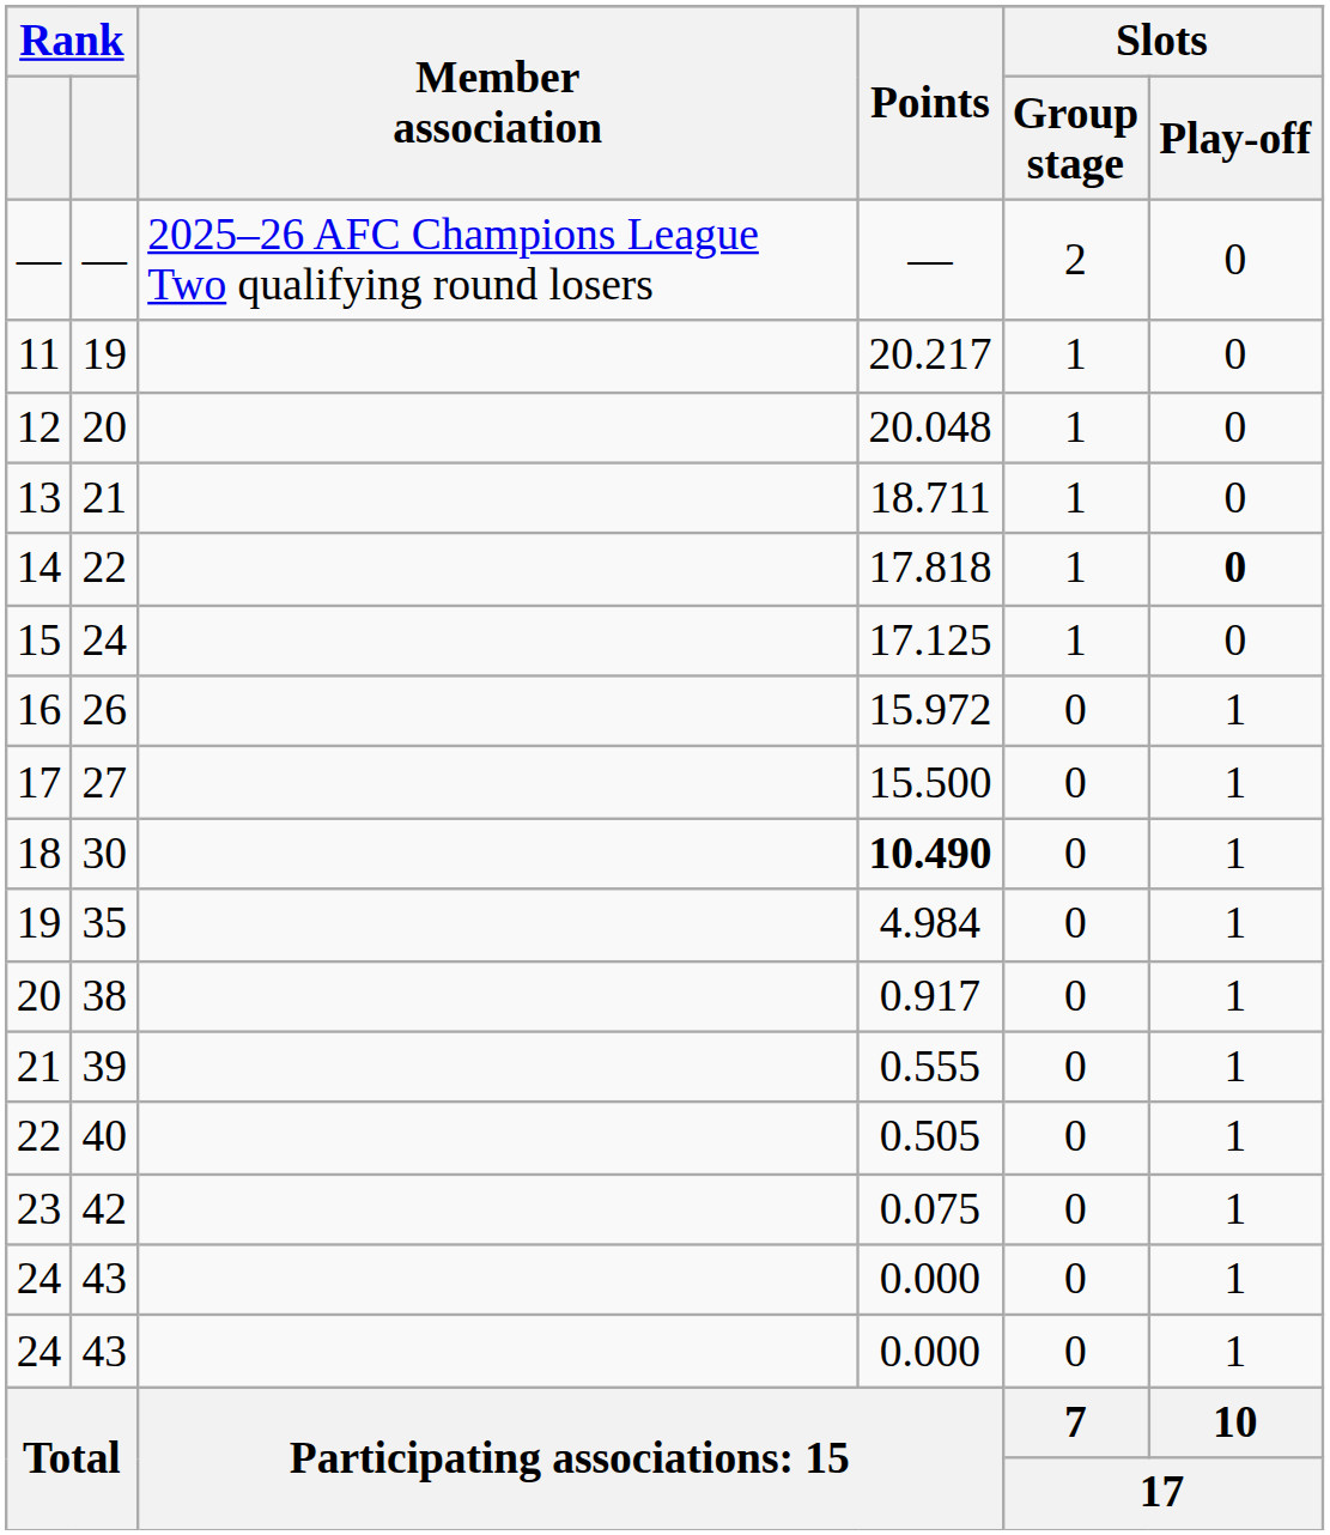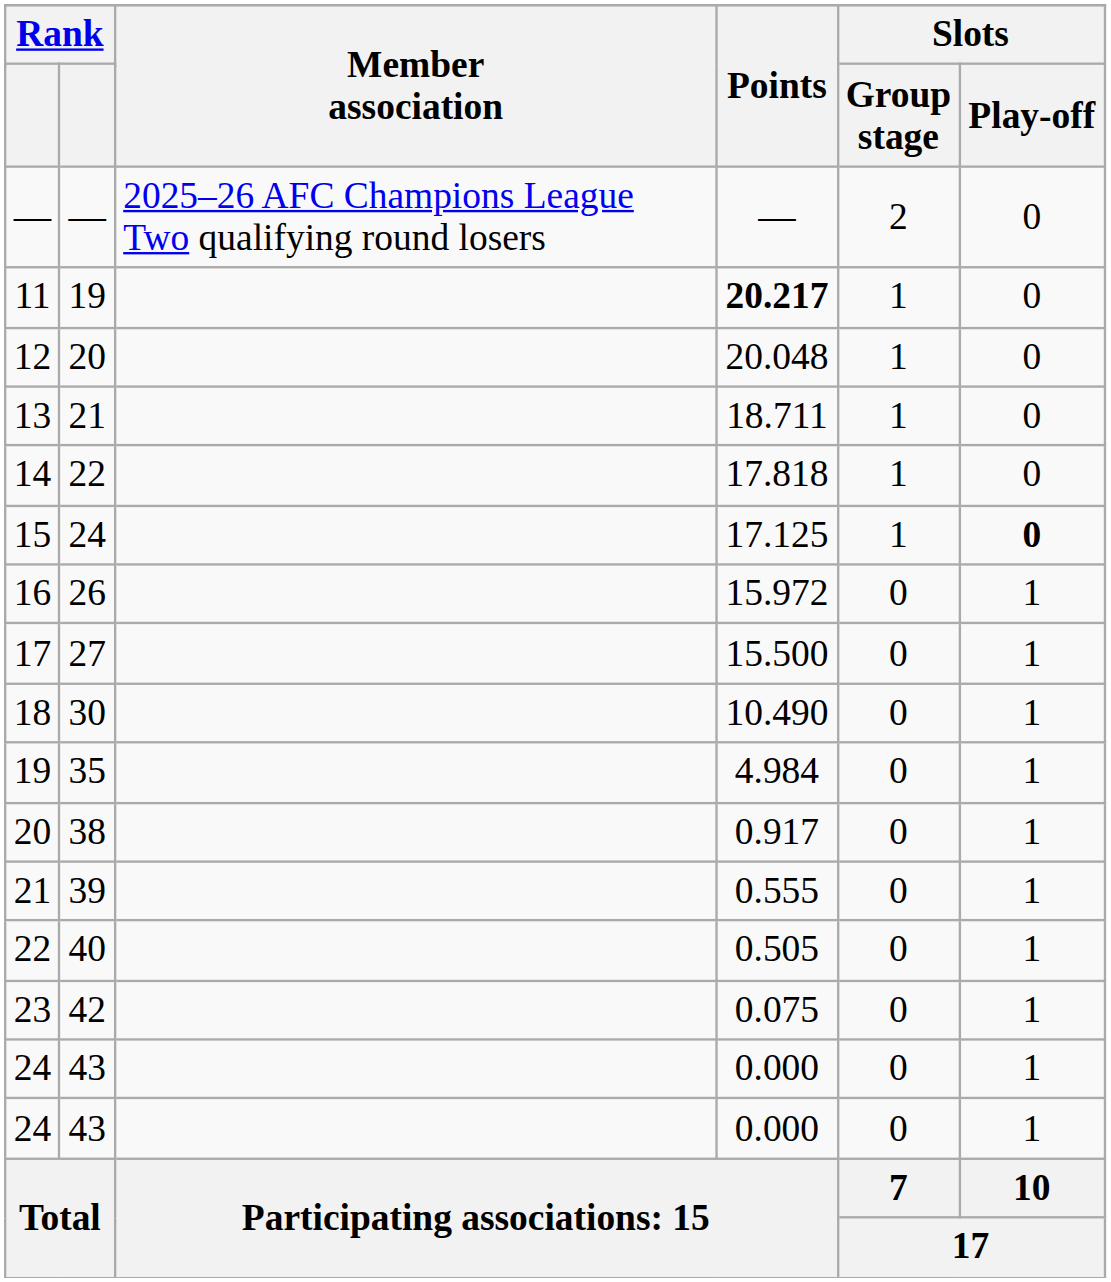 <table class="wikitable" style="text-align:center">
 <tr>
 </tr>
 <tr>
 <th colspan=2 rowspan=2><a href='#'>Rank</a></th>
 <th rowspan=3 width=250>Member<br>association</th>
 <th rowspan=3>Points</th>
 <th colspan=2>Slots</th>
 </tr>
 <tr>
 <th rowspan=2>Group<br>stage</th>
 <th rowspan=2>Play-off</th>
 </tr>
 <tr>
 <th></th>
 <th></th>
 </tr>
 <tr bgcolor=>
 <td>—</td>
 <td>—</td>
 <td align=left><a href='#'>2025–26 AFC Champions League Two</a> qualifying round losers</td>
 <td>—</td>
 <td>2</td>
 <td>0</td>
 </tr>
 <tr bgcolor=>
 <td>11</td>
 <td>19</td>
 <td align=left></td>
-<td>20.217</td>
+<td><strong>20.217</strong></td>
 <td>1</td>
 <td>0</td>
 </tr>
 <tr bgcolor=>
 <td>12</td>
 <td>20</td>
 <td align=left></td>
 <td>20.048</td>
 <td>1</td>
 <td>0</td>
 </tr>
 <tr bgcolor=>
 <td>13</td>
 <td>21</td>
 <td align=left></td>
 <td>18.711</td>
 <td>1</td>
 <td>0</td>
 </tr>
 <tr bgcolor=>
 <td>14</td>
 <td>22</td>
 <td align=left></td>
 <td>17.818</td>
 <td>1</td>
-<td><strong>0</strong></td>
+<td>0</td>
 </tr>
 <tr bgcolor=>
 <td>15</td>
 <td>24</td>
 <td align=left></td>
 <td>17.125</td>
 <td>1</td>
-<td>0</td>
+<td><strong>0</strong></td>
 </tr>
 <tr bgcolor=>
 <td>16</td>
 <td>26</td>
 <td align=left></td>
 <td>15.972</td>
 <td>0</td>
 <td>1</td>
 </tr>
 <tr bgcolor=>
 <td>17</td>
 <td>27</td>
 <td align=left></td>
 <td>15.500</td>
 <td>0</td>
 <td>1</td>
 </tr>
 <tr bgcolor=>
 <td>18</td>
 <td>30</td>
 <td align=left></td>
-<td><strong>10.490</strong></td>
+<td>10.490</td>
 <td>0</td>
 <td>1</td>
 </tr>
 <tr bgcolor=>
 <td>19</td>
 <td>35</td>
 <td align=left></td>
 <td>4.984</td>
 <td>0</td>
 <td>1</td>
 </tr>
 <tr bgcolor=>
 <td>20</td>
 <td>38</td>
 <td align=left></td>
 <td>0.917</td>
 <td>0</td>
 <td>1</td>
 </tr>
 <tr bgcolor=>
 <td>21</td>
 <td>39</td>
 <td align=left></td>
 <td>0.555</td>
 <td>0</td>
 <td>1</td>
 </tr>
 <tr bgcolor=>
 <td>22</td>
 <td>40</td>
 <td align=left></td>
 <td>0.505</td>
 <td>0</td>
 <td>1</td>
 </tr>
 <tr bgcolor=>
 <td>23</td>
 <td>42</td>
 <td align=left></td>
 <td>0.075</td>
 <td>0</td>
 <td>1</td>
 </tr>
 <tr bgcolor=>
 <td>24</td>
 <td>43</td>
 <td align=left></td>
 <td>0.000</td>
 <td>0</td>
 <td>1</td>
 </tr>
 <tr bgcolor=>
 <td>24</td>
 <td>43</td>
 <td align=left></td>
 <td>0.000</td>
 <td>0</td>
 <td>1</td>
 </tr>
 <tr>
 <th colspan=2 rowspan=2>Total</th>
 <th colspan=2 rowspan=2>Participating associations: 15</th>
 <th>7</th>
 <th>10</th>
 </tr>
 <tr>
 <th colspan=2>17</th>
 </tr>
 </table>
